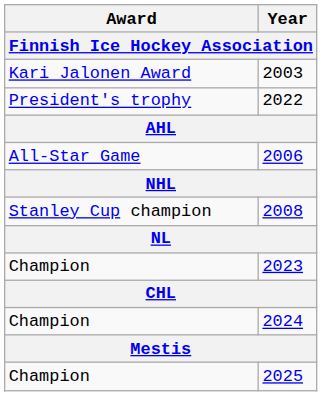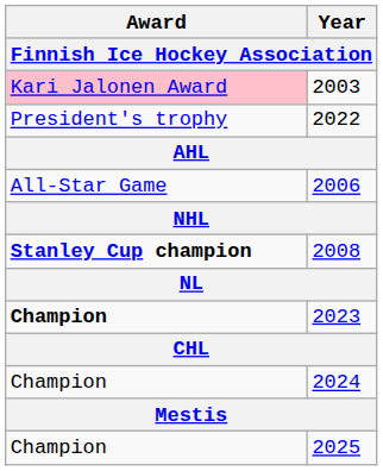 <table class="wikitable">
 <tr>
 <th>Award</th>
 <th>Year</th>
 </tr>
 <tr>
 <th colspan="3"><a href='#'>Finnish Ice Hockey Association</a></th>
 </tr>
 <tr>
-<td><a href='#'>Kari Jalonen Award</a></td>
+<td style="background: pink;"><a href='#'>Kari Jalonen Award</a></td>
 <td>2003</td>
 </tr>
 <tr>
 <td><a href='#'>President's trophy</a></td>
 <td>2022</td>
 </tr>
 <tr>
 <th colspan="3"><a href='#'>AHL</a></th>
 </tr>
 <tr>
 <td><a href='#'>All-Star Game</a></td>
 <td><a href='#'>2006</a></td>
 </tr>
 <tr>
 <th colspan="3"><a href='#'>NHL</a></th>
 </tr>
 <tr>
-<td><a href='#'>Stanley Cup</a> champion</td>
+<td><strong><a href='#'>Stanley Cup</a> champion</strong></td>
 <td><a href='#'>2008</a></td>
 </tr>
 <tr>
 <th colspan="3"><a href='#'>NL</a></th>
 </tr>
 <tr>
-<td>Champion</td>
+<td><strong>Champion</strong></td>
 <td><a href='#'>2023</a></td>
 </tr>
 <tr>
 <th colspan="3"><a href='#'>CHL</a></th>
 </tr>
 <tr>
 <td>Champion</td>
 <td><a href='#'>2024</a></td>
 </tr>
 <tr>
 <th colspan="3"><a href='#'>Mestis</a></th>
 </tr>
 <tr>
 <td>Champion</td>
 <td><a href='#'>2025</a></td>
 </tr>
 </table>
